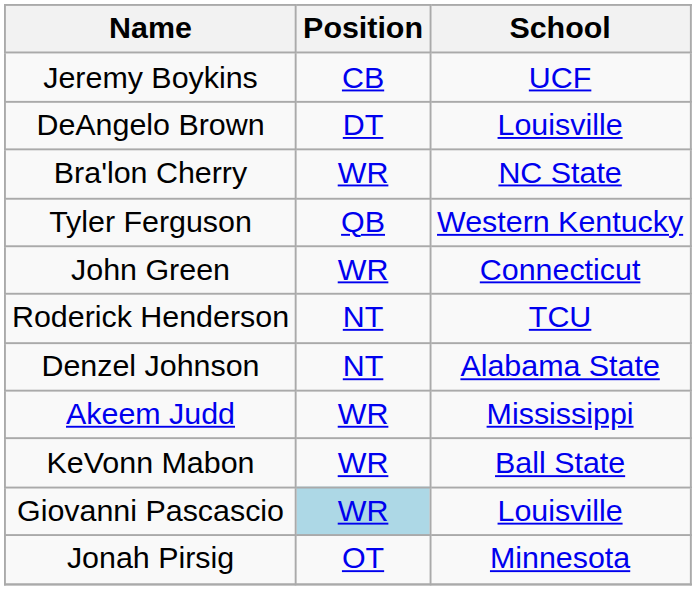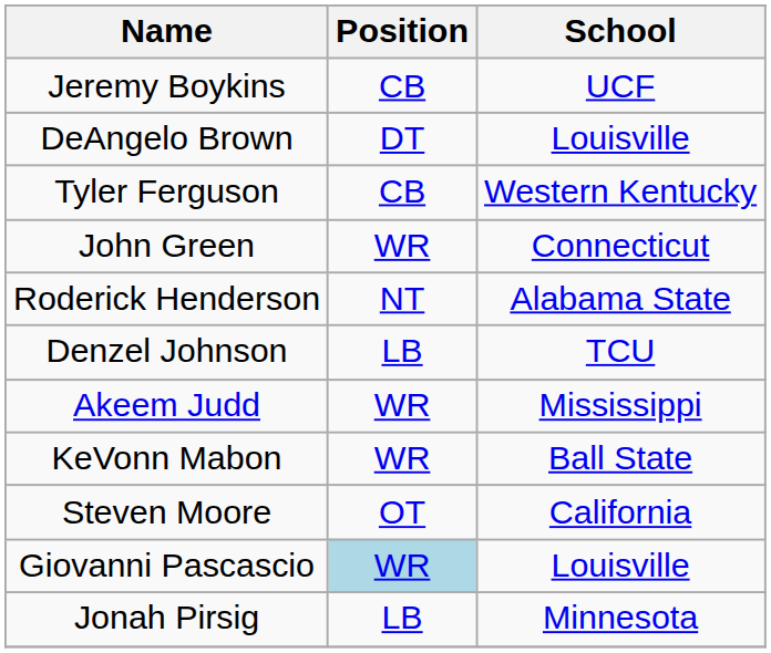 <table class="wikitable">
 <tr>
 <th>Name</th>
 <th>Position</th>
 <th>School</th>
 </tr>
 <tr align="center">
 <td>Jeremy Boykins</td>
 <td><a href='#'>CB</a></td>
 <td><a href='#'>UCF</a></td>
 </tr>
 <tr align="center">
 <td>DeAngelo Brown</td>
 <td><a href='#'>DT</a></td>
 <td><a href='#'>Louisville</a></td>
 </tr>
 <tr align="center">
-<td>Bra'lon Cherry</td>
-<td><a href='#'>WR</a></td>
-<td><a href='#'>NC State</a></td>
-</tr>
-<tr align="center">
 <td>Tyler Ferguson</td>
-<td><a href='#'>QB</a></td>
+<td><a href='#'>CB</a></td>
 <td><a href='#'>Western Kentucky</a></td>
 </tr>
 <tr align="center">
 <td>John Green</td>
 <td><a href='#'>WR</a></td>
 <td><a href='#'>Connecticut</a></td>
 </tr>
 <tr align="center">
 <td>Roderick Henderson</td>
 <td><a href='#'>NT</a></td>
-<td><a href='#'>TCU</a></td>
+<td><a href='#'>Alabama State</a></td>
 </tr>
 <tr align="center">
 <td>Denzel Johnson</td>
-<td><a href='#'>NT</a></td>
-<td><a href='#'>Alabama State</a></td>
+<td><a href='#'>LB</a></td>
+<td><a href='#'>TCU</a></td>
 </tr>
 <tr align="center">
 <td><a href='#'>Akeem Judd</a></td>
 <td><a href='#'>WR</a></td>
 <td><a href='#'>Mississippi</a></td>
 </tr>
 <tr align="center">
 <td>KeVonn Mabon</td>
 <td><a href='#'>WR</a></td>
 <td><a href='#'>Ball State</a></td>
 </tr>
 <tr align="center">
+<td>Steven Moore</td>
+<td><a href='#'>OT</a></td>
+<td><a href='#'>California</a></td>
+</tr>
+<tr align="center">
 <td>Giovanni Pascascio</td>
 <td style="background: lightblue;"><a href='#'>WR</a></td>
 <td><a href='#'>Louisville</a></td>
 </tr>
 <tr align="center">
 <td>Jonah Pirsig</td>
-<td><a href='#'>OT</a></td>
+<td><a href='#'>LB</a></td>
 <td><a href='#'>Minnesota</a></td>
 </tr>
 <tr>
 </tr>
 </table>
